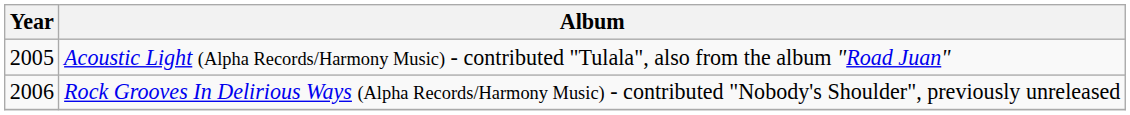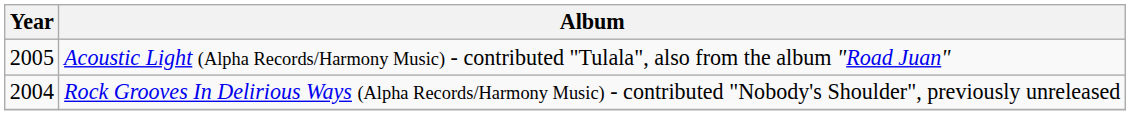 <table class="wikitable" style="text-align:center;">
 <tr>
 <th>Year</th>
 <th>Album</th>
 </tr>
 <tr>
 <td>2005</td>
 <td align="left"><em><a href='#'>Acoustic Light</a></em> <small>(Alpha Records/Harmony Music)</small> - contributed "Tulala", also from the album <em>"<a href='#'>Road Juan</a>"</em></td>
 </tr>
 <tr>
-<td>2006</td>
+<td>2004</td>
 <td align="left"><em><a href='#'>Rock Grooves In Delirious Ways</a></em> <small>(Alpha Records/Harmony Music)</small> - contributed "Nobody's Shoulder", previously unreleased</td>
 </tr>
 <tr>
 </tr>
 </table>
